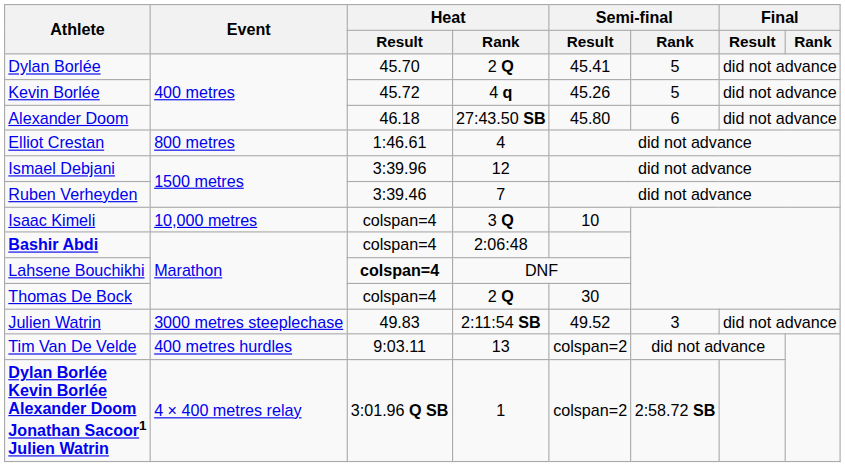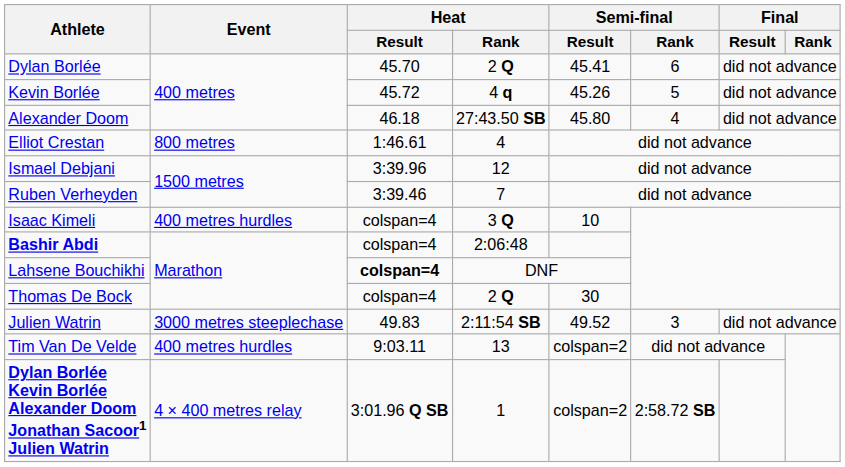 <table class=wikitable style=font-size:90%>
 <tr>
 <th rowspan=2>Athlete</th>
 <th rowspan=2>Event</th>
 <th colspan=2>Heat</th>
 <th colspan=2>Semi-final</th>
 <th colspan=2>Final</th>
 </tr>
 <tr style=font-size:95%>
 <th>Result</th>
 <th>Rank</th>
 <th>Result</th>
 <th>Rank</th>
 <th>Result</th>
 <th>Rank</th>
 </tr>
 <tr align=center>
 <td align=left><a href='#'>Dylan Borlée</a></td>
 <td align=left rowspan=3><a href='#'>400 metres</a></td>
 <td>45.70</td>
 <td>2 <strong>Q</strong></td>
 <td>45.41</td>
-<td>5</td>
+<td>6</td>
 <td colspan=2>did not advance</td>
 </tr>
 <tr align=center>
 <td align=left><a href='#'>Kevin Borlée</a></td>
 <td>45.72</td>
 <td>4 <strong>q</strong></td>
 <td>45.26</td>
 <td>5</td>
 <td colspan=2>did not advance</td>
 </tr>
 <tr align=center>
 <td align=left><a href='#'>Alexander Doom</a></td>
 <td>46.18</td>
 <td>27:43.50 <strong>SB</strong></td>
 <td>45.80</td>
-<td>6</td>
+<td>4</td>
 <td colspan=2>did not advance</td>
 </tr>
 <tr align=center>
 <td align=left><a href='#'>Elliot Crestan</a></td>
 <td align=left><a href='#'>800 metres</a></td>
 <td>1:46.61</td>
 <td>4</td>
 <td colspan=4>did not advance</td>
 </tr>
 <tr align=center>
 <td align=left><a href='#'>Ismael Debjani</a></td>
 <td align=left rowspan=2><a href='#'>1500 metres</a></td>
 <td>3:39.96</td>
 <td>12</td>
 <td colspan=4>did not advance</td>
 </tr>
 <tr align=center>
 <td align=left><a href='#'>Ruben Verheyden</a></td>
 <td>3:39.46</td>
 <td>7</td>
 <td colspan=4>did not advance</td>
 </tr>
 <tr align=center>
 <td align=left><a href='#'>Isaac Kimeli</a></td>
-<td align=left><a href='#'>10,000 metres</a></td>
+<td align=left><a href='#'>400 metres hurdles</a></td>
 <td>colspan=4</td>
 <td>3 <strong>Q</strong></td>
 <td>10</td>
 </tr>
 <tr align=center>
 <td align=left><strong><a href='#'>Bashir Abdi</a></strong></td>
 <td align=left rowspan=3><a href='#'>Marathon</a></td>
 <td>colspan=4</td>
 <td>2:06:48</td>
 <td></td>
 </tr>
 <tr align=center>
 <td align=left><a href='#'>Lahsene Bouchikhi</a></td>
 <td><strong>colspan=4</strong></td>
 <td colspan=2>DNF</td>
 </tr>
 <tr align=center>
 <td align=left><a href='#'>Thomas De Bock</a></td>
 <td>colspan=4</td>
 <td>2 <strong>Q</strong></td>
 <td>30</td>
 </tr>
 <tr align=center>
 <td align=left><a href='#'>Julien Watrin</a></td>
 <td align=left><a href='#'>3000 metres steeplechase</a></td>
 <td>49.83</td>
 <td>2:11:54 <strong>SB</strong></td>
 <td>49.52</td>
 <td>3</td>
 <td colspan=2>did not advance</td>
 </tr>
 <tr align=center>
 <td align=left><a href='#'>Tim Van De Velde</a></td>
 <td align=left><a href='#'>400 metres hurdles</a></td>
 <td>9:03.11</td>
 <td>13</td>
 <td>colspan=2</td>
 <td colspan=2>did not advance</td>
 </tr>
 <tr align=center>
 <td align=left><strong><a href='#'>Dylan Borlée</a><br><a href='#'>Kevin Borlée</a><br><a href='#'>Alexander Doom</a><br><a href='#'>Jonathan Sacoor</a><sup>1</sup><br><a href='#'>Julien Watrin</a></strong></td>
 <td align=left><a href='#'>4 × 400 metres relay</a></td>
 <td>3:01.96 <strong>Q SB</strong></td>
 <td>1</td>
 <td>colspan=2</td>
 <td>2:58.72 <strong>SB</strong></td>
 <td></td>
 </tr>
 </table>
